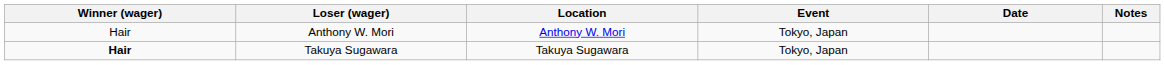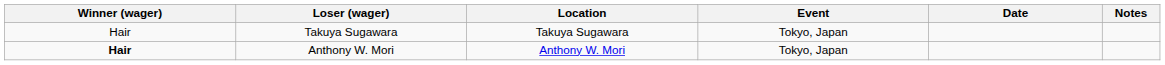 <table class="wikitable sortable" width=100%  style="text-align: center">
 <tr>
 <th width=20% scope="col">Winner (wager)</th>
 <th width=20% scope="col">Loser (wager)</th>
 <th width=20% scope="col">Location</th>
 <th width=20% scope="col">Event</th>
 <th width=15% scope="col">Date</th>
 <th class="unsortable" width=5% scope="col">Notes</th>
 </tr>
 <tr>
 <td>Hair</td>
+<td>Takuya Sugawara</td>
+<td>Takuya Sugawara</td>
+<td>Tokyo, Japan</td>
+<td></td>
+<td></td>
+</tr>
+<tr>
+<td><strong>Hair</strong></td>
 <td>Anthony W. Mori</td>
 <td><a href='#'>Anthony W. Mori</a></td>
 <td>Tokyo, Japan</td>
 <td></td>
 <td></td>
 </tr>
-<tr>
-<td><strong>Hair</strong></td>
-<td>Takuya Sugawara</td>
-<td>Takuya Sugawara</td>
-<td>Tokyo, Japan</td>
-<td></td>
-<td></td>
-</tr>
 </table>
